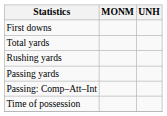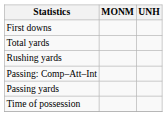 <table class="wikitable" style="float: left;">
 <tr>
 <th>Statistics</th>
 <th>MONM</th>
 <th>UNH</th>
 </tr>
 <tr>
 <td>First downs</td>
 <td></td>
 <td></td>
 </tr>
 <tr>
 <td>Total yards</td>
 <td></td>
 <td></td>
 </tr>
 <tr>
 <td>Rushing yards</td>
 <td></td>
 <td></td>
 </tr>
 <tr>
-<td>Passing yards</td>
+<td>Passing: Comp–Att–Int</td>
 <td></td>
 <td></td>
 </tr>
 <tr>
-<td>Passing: Comp–Att–Int</td>
+<td>Passing yards</td>
 <td></td>
 <td></td>
 </tr>
 <tr>
 <td>Time of possession</td>
 <td></td>
 <td></td>
 </tr>
 <tr>
 </tr>
 </table>
